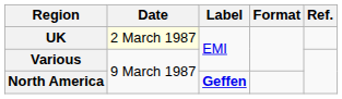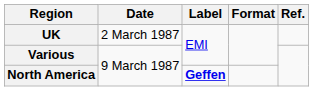 <table class="wikitable plainrowheaders">
 <tr>
 <th scope="col">Region</th>
 <th scope="col">Date</th>
 <th scope="col">Label</th>
 <th scope="col">Format</th>
 <th scope="col">Ref.</th>
 </tr>
 <tr>
 <th scope="row">UK</th>
-<td scope="row" style="background: lightyellow;">2 March 1987</td>
+<td scope="row">2 March 1987</td>
 <td scope="row" rowspan="2"><a href='#'>EMI</a></td>
 <td scope="row" rowspan="2"></td>
 <td align="center"></td>
 </tr>
 <tr>
 <th scope="row">Various</th>
 <td scope="row" rowspan="2">9 March 1987</td>
 <td align="center" rowspan="2"></td>
 </tr>
 <tr>
 <th scope="row">North America</th>
 <td scope="row"><strong><a href='#'>Geffen</a></strong></td>
 <td scope="row"></td>
 </tr>
 </table>
